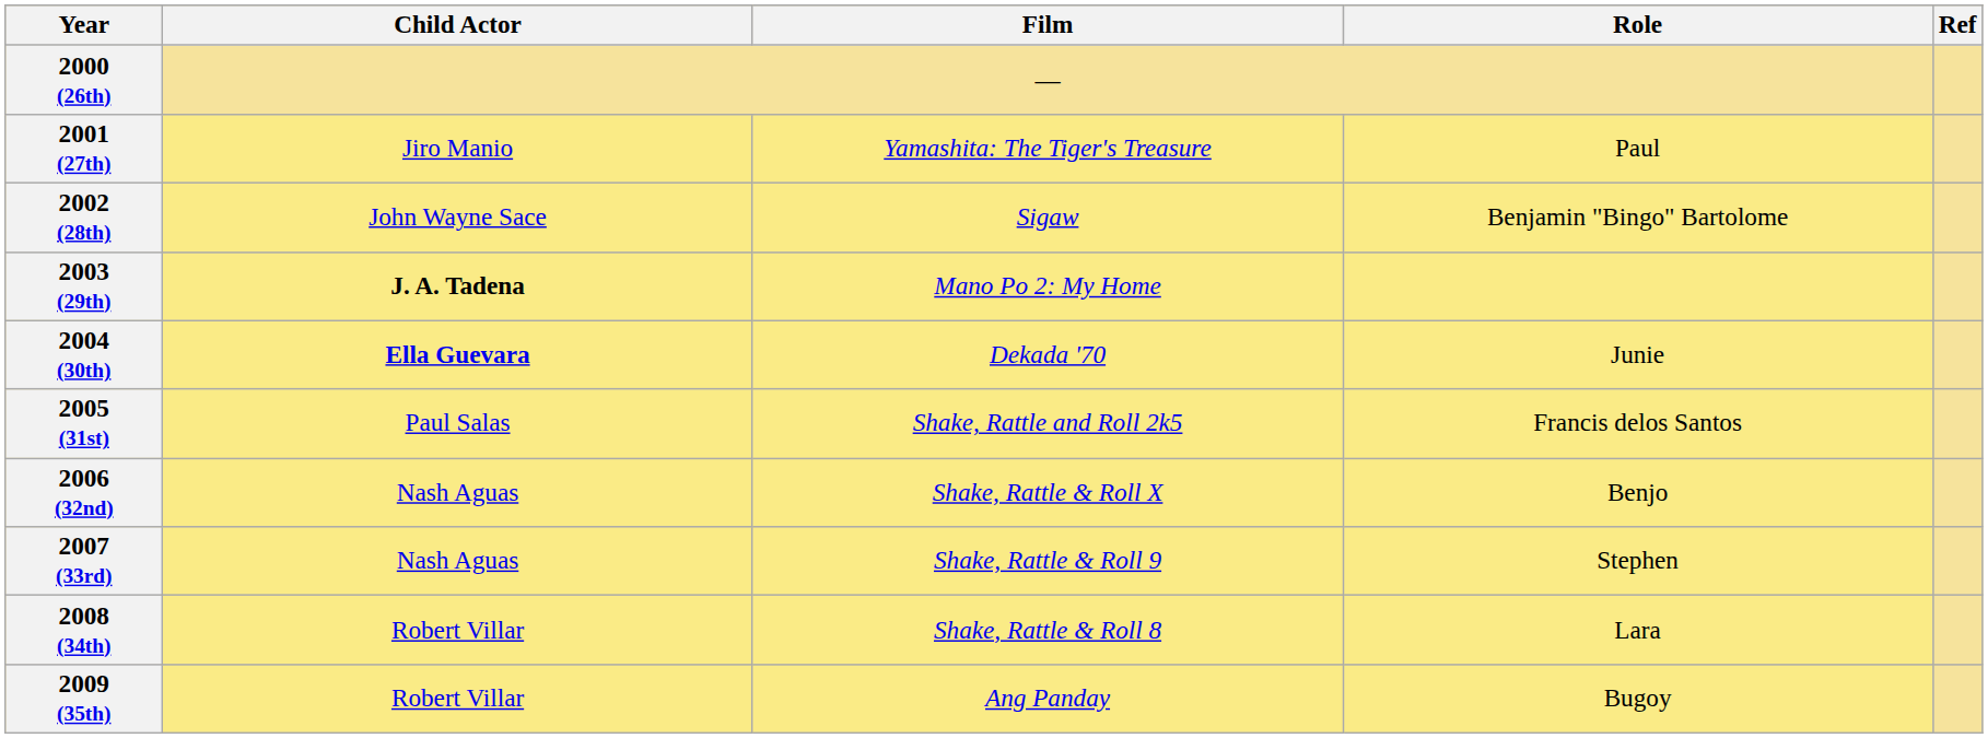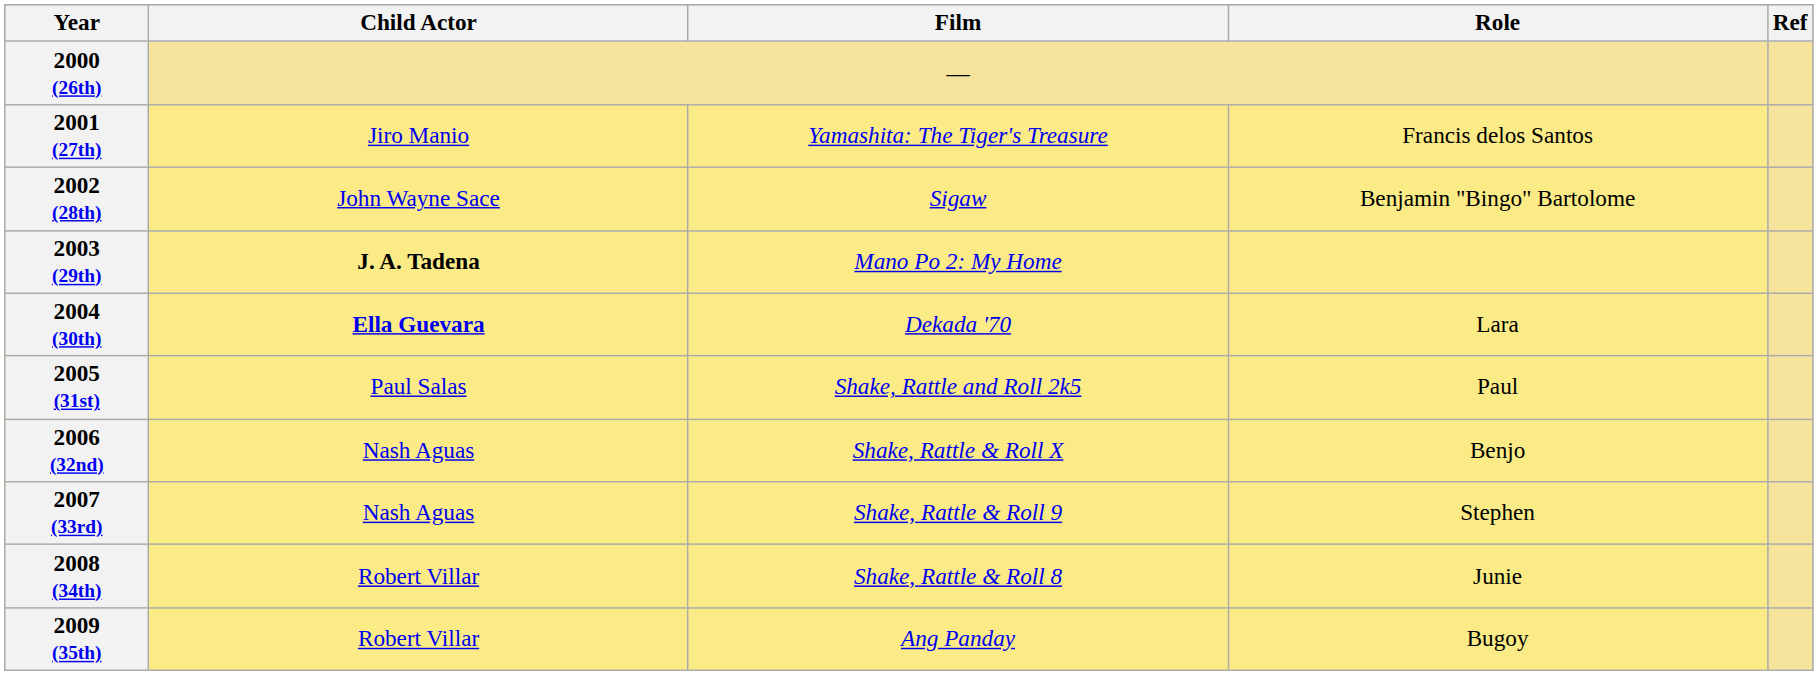 <table class="wikitable" rowspan=2 style="text-align: center; background: #f6e39c">
 <tr style="background:#bebebe;">
 <th scope="col" style="width:8%;">Year</th>
 <th scope="col" style="width:30%;">Child Actor</th>
 <th scope="col" style="width:30%;">Film</th>
 <th scope="col" style="width:30%;">Role</th>
 <th scope="col" style="width:2%;">Ref</th>
 </tr>
 <tr>
 <th scope="row" style="text-align:center">2000 <br><small><a href='#'>(26th)</a> </small></th>
 <td colspan=3>—</td>
 <td></td>
 </tr>
 <tr>
 <th scope="row" style="text-align:center">2001 <br><small><a href='#'>(27th)</a> </small></th>
 <td style="background:#FAEB86"><a href='#'>Jiro Manio</a></td>
 <td style="background:#FAEB86"><em><a href='#'>Yamashita: The Tiger's Treasure</a></em></td>
-<td style="background:#FAEB86">Paul</td>
+<td style="background:#FAEB86">Francis delos Santos</td>
 <td></td>
 </tr>
 <tr>
 <th scope="row" style="text-align:center">2002 <br><small><a href='#'>(28th)</a> </small></th>
 <td style="background:#FAEB86"><a href='#'>John Wayne Sace</a></td>
 <td style="background:#FAEB86"><em><a href='#'>Sigaw</a></em></td>
 <td style="background:#FAEB86">Benjamin "Bingo" Bartolome</td>
 <td></td>
 </tr>
 <tr>
 <th scope="row" style="text-align:center">2003 <br><small><a href='#'>(29th)</a> </small></th>
 <td style="background:#FAEB86"><strong>J. A. Tadena</strong></td>
 <td style="background:#FAEB86"><em><a href='#'>Mano Po 2: My Home</a></em></td>
 <td style="background:#FAEB86"></td>
 <td></td>
 </tr>
 <tr>
 <th scope="row" style="text-align:center">2004 <br><small><a href='#'>(30th)</a> </small></th>
 <td style="background:#FAEB86"><strong><a href='#'>Ella Guevara</a></strong></td>
 <td style="background:#FAEB86"><em><a href='#'>Dekada '70</a></em></td>
-<td style="background:#FAEB86">Junie</td>
+<td style="background:#FAEB86">Lara</td>
 <td></td>
 </tr>
 <tr>
 <th scope="row" style="text-align:center">2005 <br><small><a href='#'>(31st)</a> </small></th>
 <td style="background:#FAEB86"><a href='#'>Paul Salas</a></td>
 <td style="background:#FAEB86"><em><a href='#'>Shake, Rattle and Roll 2k5</a></em></td>
-<td style="background:#FAEB86">Francis delos Santos</td>
+<td style="background:#FAEB86">Paul</td>
 <td></td>
 </tr>
 <tr>
 <th scope="row" style="text-align:center">2006 <br><small><a href='#'>(32nd)</a> </small></th>
 <td style="background:#FAEB86"><a href='#'>Nash Aguas</a></td>
 <td style="background:#FAEB86"><em><a href='#'>Shake, Rattle & Roll X</a></em></td>
 <td style="background:#FAEB86">Benjo</td>
 <td></td>
 </tr>
 <tr>
 <th scope="row" style="text-align:center">2007 <br><small><a href='#'>(33rd)</a> </small></th>
 <td style="background:#FAEB86"><a href='#'>Nash Aguas</a></td>
 <td style="background:#FAEB86"><em><a href='#'>Shake, Rattle & Roll 9</a></em></td>
 <td style="background:#FAEB86">Stephen</td>
 <td></td>
 </tr>
 <tr>
 <th scope="row" style="text-align:center">2008 <br><small><a href='#'>(34th)</a> </small></th>
 <td style="background:#FAEB86"><a href='#'>Robert Villar</a></td>
 <td style="background:#FAEB86"><em><a href='#'>Shake, Rattle & Roll 8</a></em></td>
-<td style="background:#FAEB86">Lara</td>
+<td style="background:#FAEB86">Junie</td>
 <td></td>
 </tr>
 <tr>
 <th scope="row" style="text-align:center">2009 <br><small><a href='#'>(35th)</a> </small></th>
 <td style="background:#FAEB86"><a href='#'>Robert Villar</a></td>
 <td style="background:#FAEB86"><em><a href='#'>Ang Panday</a></em></td>
 <td style="background:#FAEB86">Bugoy</td>
 <td></td>
 </tr>
 </table>
